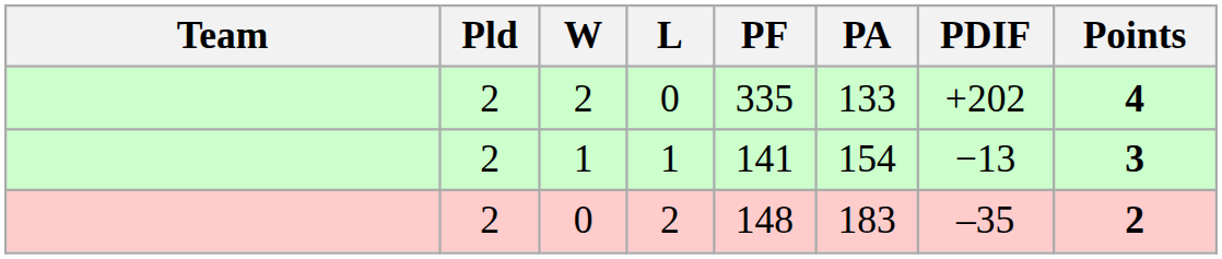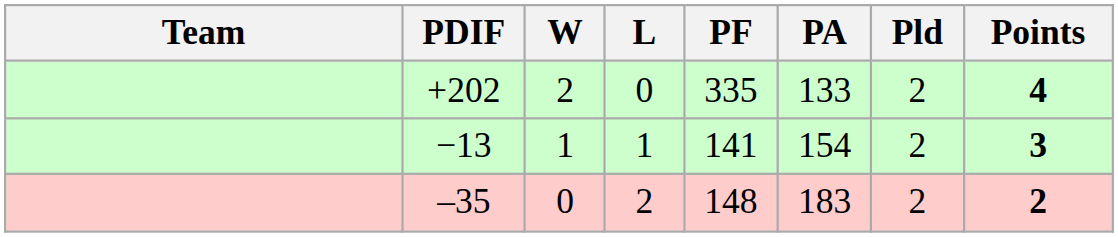 <table class=wikitable style="text-align:center" width=500>
 <tr>
 <th width=25%>Team</th>
-<th width=5%>Pld</th>
+<th width=5%>PDIF</th>
 <th width=5%>W</th>
 <th width=5%>L</th>
 <th width=5%>PF</th>
 <th width=5%>PA</th>
-<th width=5%>PDIF</th>
+<th width=5%>Pld</th>
 <th width=8%>Points</th>
 </tr>
 <tr bgcolor=ccffcc>
 <td align="left"></td>
-<td>2</td>
+<td>+202</td>
 <td>2</td>
 <td>0</td>
 <td>335</td>
 <td>133</td>
-<td>+202</td>
+<td>2</td>
 <td><strong>4</strong></td>
 </tr>
 <tr bgcolor=ccffcc>
 <td align="left"></td>
-<td>2</td>
+<td>−13</td>
 <td>1</td>
 <td>1</td>
 <td>141</td>
 <td>154</td>
-<td>−13</td>
+<td>2</td>
 <td><strong>3</strong></td>
 </tr>
 <tr bgcolor=ffcccc>
 <td align="left"></td>
-<td>2</td>
+<td>–35</td>
 <td>0</td>
 <td>2</td>
 <td>148</td>
 <td>183</td>
-<td>–35</td>
+<td>2</td>
 <td><strong>2</strong></td>
 </tr>
 </table>
